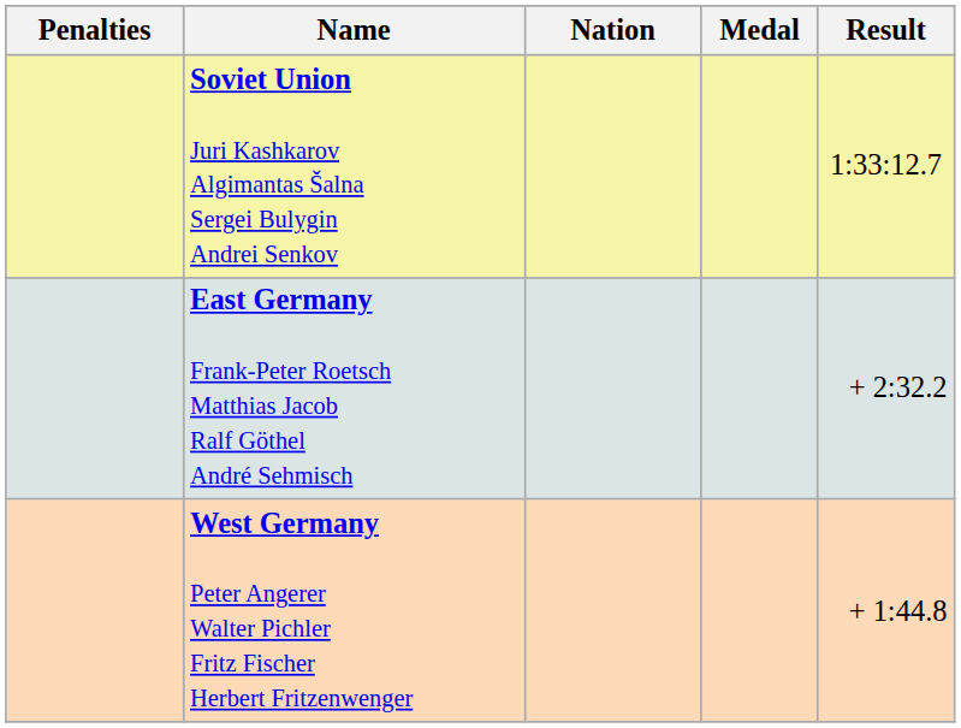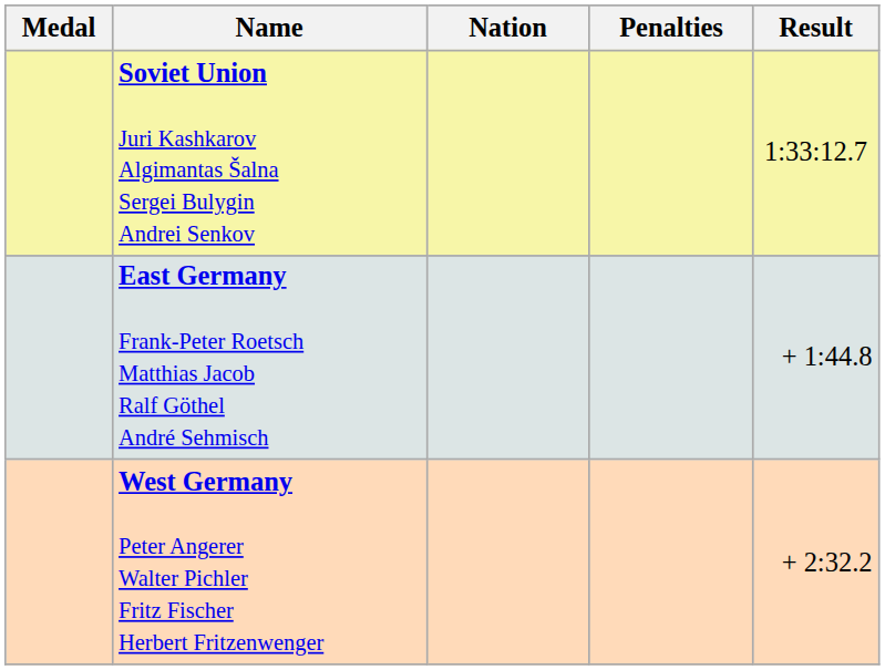 <table class=wikitable style="border:1px solid #AAAAAA;font-size:90%">
 <tr bgcolor="#E4E4E4">
-<th style="border-bottom:1px solid #AAAAAA" width=80>Penalties</th>
+<th style="border-bottom:1px solid #AAAAAA" width=50>Medal</th>
 <th style="border-bottom:1px solid #AAAAAA" width=160>Name</th>
 <th style="border-bottom:1px solid #AAAAAA" width=80>Nation</th>
-<th style="border-bottom:1px solid #AAAAAA" width=50>Medal</th>
+<th style="border-bottom:1px solid #AAAAAA" width=80>Penalties</th>
 <th style="border-bottom:1px solid #AAAAAA" width=60>Result</th>
 </tr>
 <tr bgcolor="#F7F6A8">
 <td align="center"></td>
 <td><strong><a href='#'>Soviet Union</a></strong><br><br><small><a href='#'>Juri Kashkarov</a><br><a href='#'>Algimantas Šalna</a><br><a href='#'>Sergei Bulygin</a><br><a href='#'>Andrei Senkov</a></small></td>
 <td></td>
 <td align="center"></td>
 <td align="center">1:33:12.7</td>
 </tr>
 <tr bgcolor="#DCE5E5">
 <td align="center"></td>
 <td><strong><a href='#'>East Germany</a></strong><br><br><small><a href='#'>Frank-Peter Roetsch</a><br><a href='#'>Matthias Jacob</a><br><a href='#'>Ralf Göthel</a><br><a href='#'>André Sehmisch</a></small></td>
 <td></td>
 <td align="center"></td>
-<td align="right">+ 2:32.2</td>
+<td align="right">+ 1:44.8</td>
 </tr>
 <tr bgcolor="#FFDAB9">
 <td align="center"></td>
 <td><strong><a href='#'>West Germany</a></strong><br><br><small><a href='#'>Peter Angerer</a><br><a href='#'>Walter Pichler</a><br><a href='#'>Fritz Fischer</a><br><a href='#'>Herbert Fritzenwenger</a></small></td>
 <td></td>
 <td align="center"></td>
-<td align="right">+ 1:44.8</td>
+<td align="right">+ 2:32.2</td>
 </tr>
 </table>
